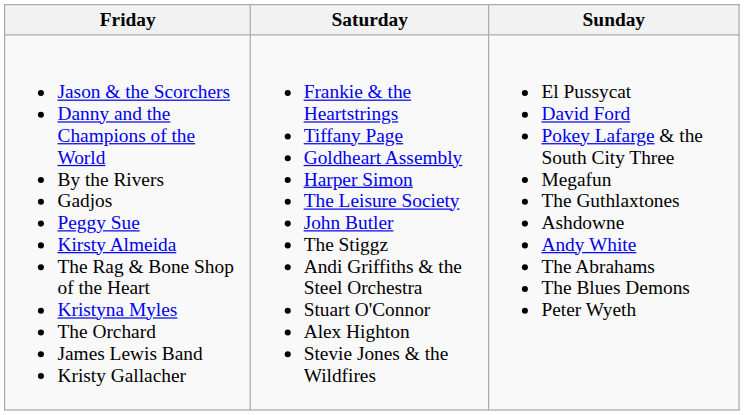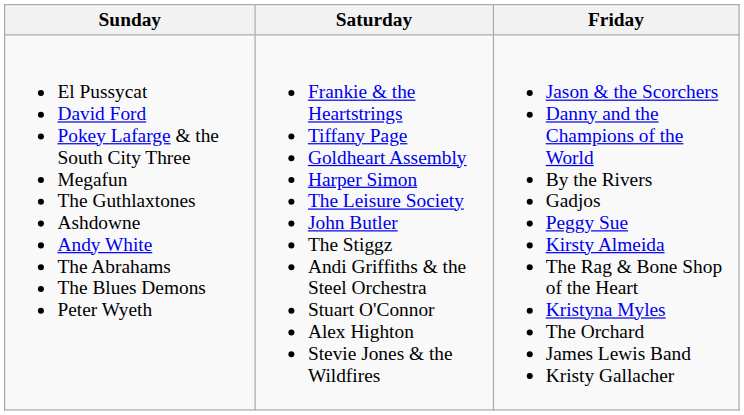 <table class="wikitable">
 <tr>
+<th>Sunday</th>
+<th>Saturday</th>
 <th>Friday</th>
-<th>Saturday</th>
-<th>Sunday</th>
 </tr>
 <tr>
+<td valign=top><br><ul><li>El Pussycat</li><li><a href='#'>David Ford</a></li><li><a href='#'>Pokey Lafarge</a> & the South City Three</li><li>Megafun</li><li>The Guthlaxtones</li><li>Ashdowne</li><li><a href='#'>Andy White</a></li><li>The Abrahams</li><li>The Blues Demons</li><li>Peter Wyeth</li></ul></td>
+<td valign=top><br><ul><li><a href='#'>Frankie & the Heartstrings</a></li><li><a href='#'>Tiffany Page</a></li><li><a href='#'>Goldheart Assembly</a></li><li><a href='#'>Harper Simon</a></li><li><a href='#'>The Leisure Society</a></li><li><a href='#'>John Butler</a></li><li>The Stiggz</li><li>Andi Griffiths & the Steel Orchestra</li><li>Stuart O'Connor</li><li>Alex Highton</li><li>Stevie Jones & the Wildfires</li></ul></td>
 <td valign=top><br><ul><li><a href='#'>Jason & the Scorchers</a></li><li><a href='#'>Danny and the Champions of the World</a></li><li>By the Rivers</li><li>Gadjos</li><li><a href='#'>Peggy Sue</a></li><li><a href='#'>Kirsty Almeida</a></li><li>The Rag & Bone Shop of the Heart</li><li><a href='#'>Kristyna Myles</a></li><li>The Orchard</li><li>James Lewis Band</li><li>Kristy Gallacher</li></ul></td>
-<td valign=top><br><ul><li><a href='#'>Frankie & the Heartstrings</a></li><li><a href='#'>Tiffany Page</a></li><li><a href='#'>Goldheart Assembly</a></li><li><a href='#'>Harper Simon</a></li><li><a href='#'>The Leisure Society</a></li><li><a href='#'>John Butler</a></li><li>The Stiggz</li><li>Andi Griffiths & the Steel Orchestra</li><li>Stuart O'Connor</li><li>Alex Highton</li><li>Stevie Jones & the Wildfires</li></ul></td>
-<td valign=top><br><ul><li>El Pussycat</li><li><a href='#'>David Ford</a></li><li><a href='#'>Pokey Lafarge</a> & the South City Three</li><li>Megafun</li><li>The Guthlaxtones</li><li>Ashdowne</li><li><a href='#'>Andy White</a></li><li>The Abrahams</li><li>The Blues Demons</li><li>Peter Wyeth</li></ul></td>
 </tr>
 </table>
